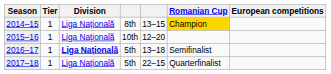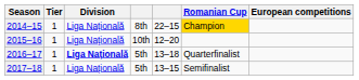 <table class="wikitable" style="font-size:85%; text-align:center">
 <tr>
 <th>Season</th>
 <th>Tier</th>
 <th>Division</th>
 <th></th>
 <th></th>
 <th><a href='#'>Romanian Cup</a></th>
 <th colspan=2>European competitions</th>
 </tr>
 <tr>
 <td bgcolor=#efefef><a href='#'>2014–15</a></td>
 <td>1</td>
 <td align=left><a href='#'>Liga Națională</a></td>
 <td>8th</td>
-<td>13–15</td>
+<td>22–15</td>
 <td align=left bgcolor=gold>Champion</td>
 <td colspan=2 align=left></td>
 </tr>
 <tr>
 <td bgcolor=#efefef><a href='#'>2015–16</a></td>
 <td>1</td>
 <td align=left><a href='#'>Liga Națională</a></td>
 <td>10th</td>
 <td>12–20</td>
 <td></td>
 <td colspan=2 align=left></td>
 </tr>
 <tr>
 <td bgcolor=#efefef><a href='#'>2016–17</a></td>
 <td>1</td>
 <td align=left><strong><a href='#'>Liga Națională</a></strong></td>
 <td>5th</td>
 <td>13–18</td>
-<td align=left>Semifinalist</td>
+<td align=left>Quarterfinalist</td>
 <td colspan=2 align=left></td>
 </tr>
 <tr>
 <td bgcolor=#efefef><a href='#'>2017–18</a></td>
 <td>1</td>
 <td align=left><a href='#'>Liga Națională</a></td>
 <td>5th</td>
-<td>22–15</td>
-<td align=left>Quarterfinalist</td>
+<td>13–15</td>
+<td align=left>Semifinalist</td>
 <td colspan=2 align=left></td>
 </tr>
 </table>
